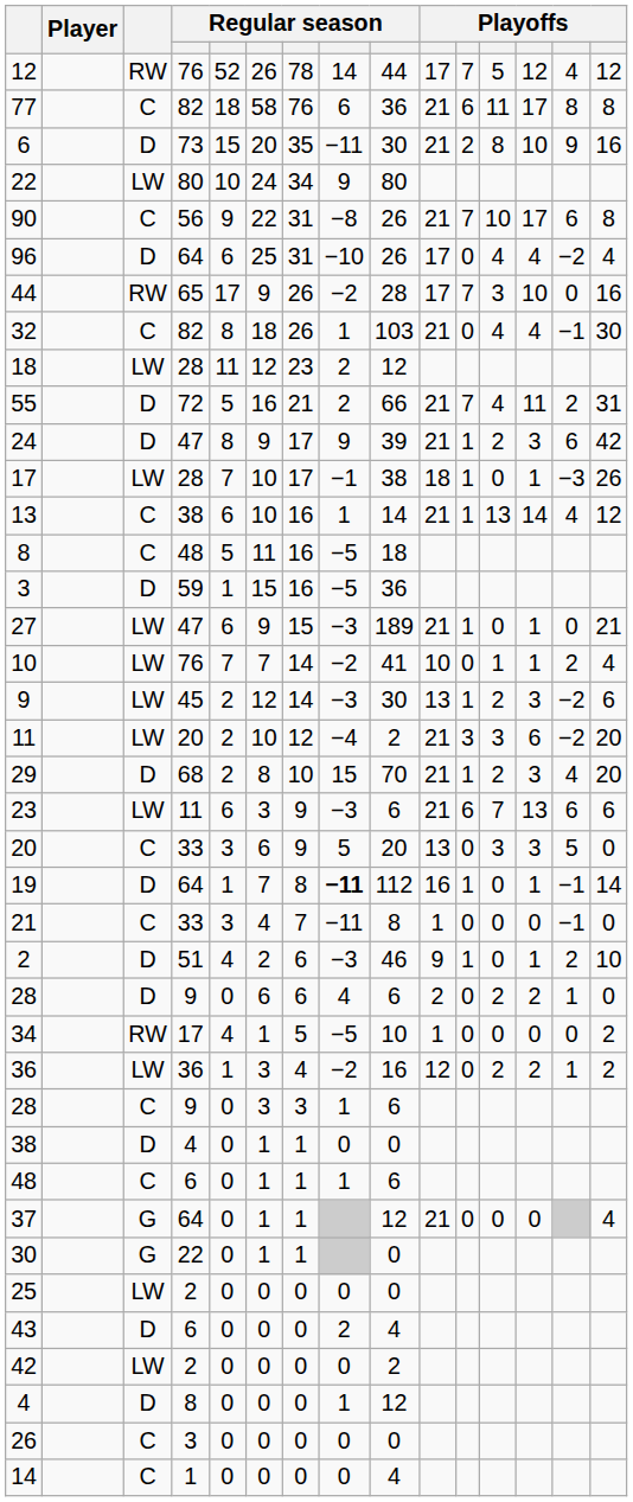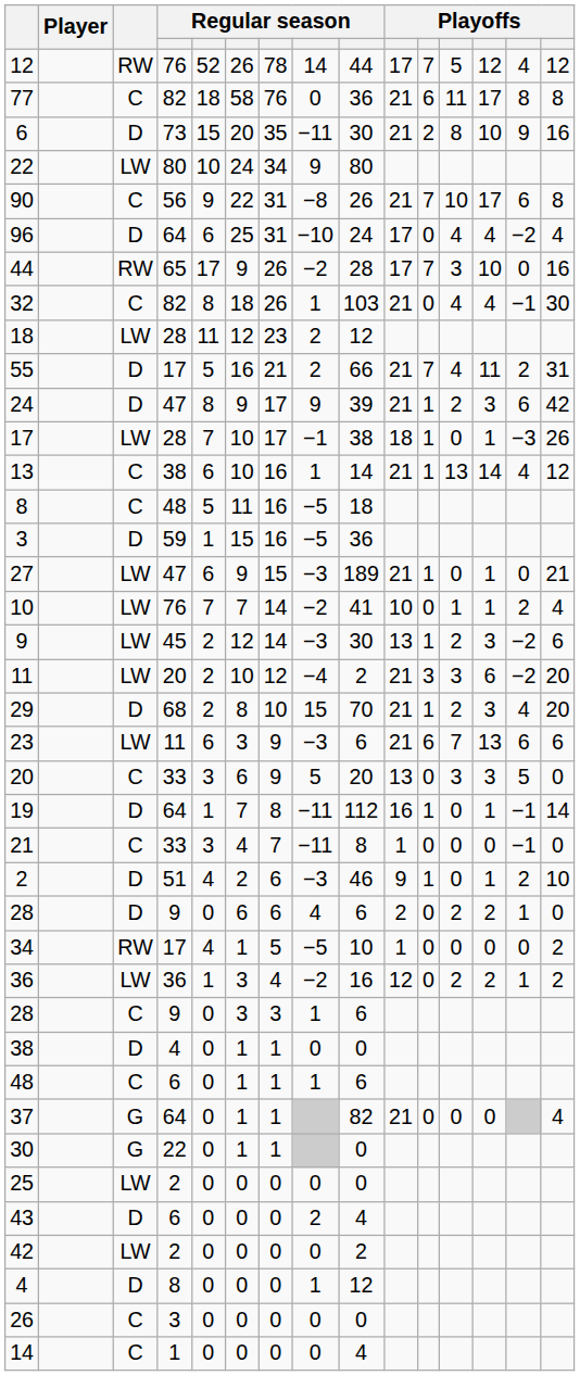 <table class="wikitable sortable plainrowheaders" style="text-align:center;">
 <tr>
 <th scope="col" data-sort-type="number" rowspan="2"></th>
 <th scope="col" rowspan="2">Player</th>
 <th scope="col" rowspan="2"></th>
 <th scope=colgroup colspan=6>Regular season</th>
 <th scope=colgroup colspan=6>Playoffs</th>
 </tr>
 <tr>
 <th scope="col" data-sort-type="number"></th>
 <th scope="col" data-sort-type="number"></th>
 <th scope="col" data-sort-type="number"></th>
 <th scope="col" data-sort-type="number"></th>
 <th scope="col" data-sort-type="number"></th>
 <th scope="col" data-sort-type="number"></th>
 <th scope="col" data-sort-type="number"></th>
 <th scope="col" data-sort-type="number"></th>
 <th scope="col" data-sort-type="number"></th>
 <th scope="col" data-sort-type="number"></th>
 <th scope="col" data-sort-type="number"></th>
 <th scope="col" data-sort-type="number"></th>
 </tr>
 <tr>
 <td scope="row">12</td>
 <td align="left"></td>
 <td>RW</td>
 <td>76</td>
 <td>52</td>
 <td>26</td>
 <td>78</td>
 <td>14</td>
 <td>44</td>
 <td>17</td>
 <td>7</td>
 <td>5</td>
 <td>12</td>
 <td>4</td>
 <td>12</td>
 </tr>
 <tr>
 <td scope="row">77</td>
 <td align="left"></td>
 <td>C</td>
 <td>82</td>
 <td>18</td>
 <td>58</td>
 <td>76</td>
-<td>6</td>
+<td>0</td>
 <td>36</td>
 <td>21</td>
 <td>6</td>
 <td>11</td>
 <td>17</td>
 <td>8</td>
 <td>8</td>
 </tr>
 <tr>
 <td scope="row">6</td>
 <td align="left"></td>
 <td>D</td>
 <td>73</td>
 <td>15</td>
 <td>20</td>
 <td>35</td>
 <td>−11</td>
 <td>30</td>
 <td>21</td>
 <td>2</td>
 <td>8</td>
 <td>10</td>
 <td>9</td>
 <td>16</td>
 </tr>
 <tr>
 <td scope="row">22</td>
 <td align="left"></td>
 <td>LW</td>
 <td>80</td>
 <td>10</td>
 <td>24</td>
 <td>34</td>
 <td>9</td>
 <td>80</td>
 <td></td>
 <td></td>
 <td></td>
 <td></td>
 <td></td>
 <td></td>
 </tr>
 <tr>
 <td scope="row">90</td>
 <td align="left"></td>
 <td>C</td>
 <td>56</td>
 <td>9</td>
 <td>22</td>
 <td>31</td>
 <td>−8</td>
 <td>26</td>
 <td>21</td>
 <td>7</td>
 <td>10</td>
 <td>17</td>
 <td>6</td>
 <td>8</td>
 </tr>
 <tr>
 <td scope="row">96</td>
 <td align="left"></td>
 <td>D</td>
 <td>64</td>
 <td>6</td>
 <td>25</td>
 <td>31</td>
 <td>−10</td>
-<td>26</td>
+<td>24</td>
 <td>17</td>
 <td>0</td>
 <td>4</td>
 <td>4</td>
 <td>−2</td>
 <td>4</td>
 </tr>
 <tr>
 <td scope="row">44</td>
 <td align="left"></td>
 <td>RW</td>
 <td>65</td>
 <td>17</td>
 <td>9</td>
 <td>26</td>
 <td>−2</td>
 <td>28</td>
 <td>17</td>
 <td>7</td>
 <td>3</td>
 <td>10</td>
 <td>0</td>
 <td>16</td>
 </tr>
 <tr>
 <td scope="row">32</td>
 <td align="left"></td>
 <td>C</td>
 <td>82</td>
 <td>8</td>
 <td>18</td>
 <td>26</td>
 <td>1</td>
 <td>103</td>
 <td>21</td>
 <td>0</td>
 <td>4</td>
 <td>4</td>
 <td>−1</td>
 <td>30</td>
 </tr>
 <tr>
 <td scope="row">18</td>
 <td align="left"></td>
 <td>LW</td>
 <td>28</td>
 <td>11</td>
 <td>12</td>
 <td>23</td>
 <td>2</td>
 <td>12</td>
 <td></td>
 <td></td>
 <td></td>
 <td></td>
 <td></td>
 <td></td>
 </tr>
 <tr>
 <td scope="row">55</td>
 <td align="left"></td>
 <td>D</td>
-<td>72</td>
+<td>17</td>
 <td>5</td>
 <td>16</td>
 <td>21</td>
 <td>2</td>
 <td>66</td>
 <td>21</td>
 <td>7</td>
 <td>4</td>
 <td>11</td>
 <td>2</td>
 <td>31</td>
 </tr>
 <tr>
 <td scope="row">24</td>
 <td align="left"></td>
 <td>D</td>
 <td>47</td>
 <td>8</td>
 <td>9</td>
 <td>17</td>
 <td>9</td>
 <td>39</td>
 <td>21</td>
 <td>1</td>
 <td>2</td>
 <td>3</td>
 <td>6</td>
 <td>42</td>
 </tr>
 <tr>
 <td scope="row">17</td>
 <td align="left"></td>
 <td>LW</td>
 <td>28</td>
 <td>7</td>
 <td>10</td>
 <td>17</td>
 <td>−1</td>
 <td>38</td>
 <td>18</td>
 <td>1</td>
 <td>0</td>
 <td>1</td>
 <td>−3</td>
 <td>26</td>
 </tr>
 <tr>
 <td scope="row">13</td>
 <td align="left"></td>
 <td>C</td>
 <td>38</td>
 <td>6</td>
 <td>10</td>
 <td>16</td>
 <td>1</td>
 <td>14</td>
 <td>21</td>
 <td>1</td>
 <td>13</td>
 <td>14</td>
 <td>4</td>
 <td>12</td>
 </tr>
 <tr>
 <td scope="row">8</td>
 <td align="left"></td>
 <td>C</td>
 <td>48</td>
 <td>5</td>
 <td>11</td>
 <td>16</td>
 <td>−5</td>
 <td>18</td>
 <td></td>
 <td></td>
 <td></td>
 <td></td>
 <td></td>
 <td></td>
 </tr>
 <tr>
 <td scope="row">3</td>
 <td align="left"></td>
 <td>D</td>
 <td>59</td>
 <td>1</td>
 <td>15</td>
 <td>16</td>
 <td>−5</td>
 <td>36</td>
 <td></td>
 <td></td>
 <td></td>
 <td></td>
 <td></td>
 <td></td>
 </tr>
 <tr>
 <td scope="row">27</td>
 <td align="left"></td>
 <td>LW</td>
 <td>47</td>
 <td>6</td>
 <td>9</td>
 <td>15</td>
 <td>−3</td>
 <td>189</td>
 <td>21</td>
 <td>1</td>
 <td>0</td>
 <td>1</td>
 <td>0</td>
 <td>21</td>
 </tr>
 <tr>
 <td scope="row">10</td>
 <td align="left"></td>
 <td>LW</td>
 <td>76</td>
 <td>7</td>
 <td>7</td>
 <td>14</td>
 <td>−2</td>
 <td>41</td>
 <td>10</td>
 <td>0</td>
 <td>1</td>
 <td>1</td>
 <td>2</td>
 <td>4</td>
 </tr>
 <tr>
 <td scope="row">9</td>
 <td align="left"></td>
 <td>LW</td>
 <td>45</td>
 <td>2</td>
 <td>12</td>
 <td>14</td>
 <td>−3</td>
 <td>30</td>
 <td>13</td>
 <td>1</td>
 <td>2</td>
 <td>3</td>
 <td>−2</td>
 <td>6</td>
 </tr>
 <tr>
 <td scope="row">11</td>
 <td align="left"></td>
 <td>LW</td>
 <td>20</td>
 <td>2</td>
 <td>10</td>
 <td>12</td>
 <td>−4</td>
 <td>2</td>
 <td>21</td>
 <td>3</td>
 <td>3</td>
 <td>6</td>
 <td>−2</td>
 <td>20</td>
 </tr>
 <tr>
 <td scope="row">29</td>
 <td align="left"></td>
 <td>D</td>
 <td>68</td>
 <td>2</td>
 <td>8</td>
 <td>10</td>
 <td>15</td>
 <td>70</td>
 <td>21</td>
 <td>1</td>
 <td>2</td>
 <td>3</td>
 <td>4</td>
 <td>20</td>
 </tr>
 <tr>
 <td scope="row">23</td>
 <td align="left"></td>
 <td>LW</td>
 <td>11</td>
 <td>6</td>
 <td>3</td>
 <td>9</td>
 <td>−3</td>
 <td>6</td>
 <td>21</td>
 <td>6</td>
 <td>7</td>
 <td>13</td>
 <td>6</td>
 <td>6</td>
 </tr>
 <tr>
 <td scope="row">20</td>
 <td align="left"></td>
 <td>C</td>
 <td>33</td>
 <td>3</td>
 <td>6</td>
 <td>9</td>
 <td>5</td>
 <td>20</td>
 <td>13</td>
 <td>0</td>
 <td>3</td>
 <td>3</td>
 <td>5</td>
 <td>0</td>
 </tr>
 <tr>
 <td scope="row">19</td>
 <td align="left"></td>
 <td>D</td>
 <td>64</td>
 <td>1</td>
 <td>7</td>
 <td>8</td>
-<td><strong>−11</strong></td>
+<td>−11</td>
 <td>112</td>
 <td>16</td>
 <td>1</td>
 <td>0</td>
 <td>1</td>
 <td>−1</td>
 <td>14</td>
 </tr>
 <tr>
 <td scope="row">21</td>
 <td align="left"></td>
 <td>C</td>
 <td>33</td>
 <td>3</td>
 <td>4</td>
 <td>7</td>
 <td>−11</td>
 <td>8</td>
 <td>1</td>
 <td>0</td>
 <td>0</td>
 <td>0</td>
 <td>−1</td>
 <td>0</td>
 </tr>
 <tr>
 <td scope="row">2</td>
 <td align="left"></td>
 <td>D</td>
 <td>51</td>
 <td>4</td>
 <td>2</td>
 <td>6</td>
 <td>−3</td>
 <td>46</td>
 <td>9</td>
 <td>1</td>
 <td>0</td>
 <td>1</td>
 <td>2</td>
 <td>10</td>
 </tr>
 <tr>
 <td scope="row">28</td>
 <td align="left"></td>
 <td>D</td>
 <td>9</td>
 <td>0</td>
 <td>6</td>
 <td>6</td>
 <td>4</td>
 <td>6</td>
 <td>2</td>
 <td>0</td>
 <td>2</td>
 <td>2</td>
 <td>1</td>
 <td>0</td>
 </tr>
 <tr>
 <td scope="row">34</td>
 <td align="left"></td>
 <td>RW</td>
 <td>17</td>
 <td>4</td>
 <td>1</td>
 <td>5</td>
 <td>−5</td>
 <td>10</td>
 <td>1</td>
 <td>0</td>
 <td>0</td>
 <td>0</td>
 <td>0</td>
 <td>2</td>
 </tr>
 <tr>
 <td scope="row">36</td>
 <td align="left"></td>
 <td>LW</td>
 <td>36</td>
 <td>1</td>
 <td>3</td>
 <td>4</td>
 <td>−2</td>
 <td>16</td>
 <td>12</td>
 <td>0</td>
 <td>2</td>
 <td>2</td>
 <td>1</td>
 <td>2</td>
 </tr>
 <tr>
 <td scope="row">28</td>
 <td align="left"></td>
 <td>C</td>
 <td>9</td>
 <td>0</td>
 <td>3</td>
 <td>3</td>
 <td>1</td>
 <td>6</td>
 <td></td>
 <td></td>
 <td></td>
 <td></td>
 <td></td>
 <td></td>
 </tr>
 <tr>
 <td scope="row">38</td>
 <td align="left"></td>
 <td>D</td>
 <td>4</td>
 <td>0</td>
 <td>1</td>
 <td>1</td>
 <td>0</td>
 <td>0</td>
 <td></td>
 <td></td>
 <td></td>
 <td></td>
 <td></td>
 <td></td>
 </tr>
 <tr>
 <td scope="row">48</td>
 <td align="left"></td>
 <td>C</td>
 <td>6</td>
 <td>0</td>
 <td>1</td>
 <td>1</td>
 <td>1</td>
 <td>6</td>
 <td></td>
 <td></td>
 <td></td>
 <td></td>
 <td></td>
 <td></td>
 </tr>
 <tr>
 <td scope="row">37</td>
 <td align="left"></td>
 <td>G</td>
 <td>64</td>
 <td>0</td>
 <td>1</td>
 <td>1</td>
 <td style="background:#ccc"></td>
-<td>12</td>
+<td>82</td>
 <td>21</td>
 <td>0</td>
 <td>0</td>
 <td>0</td>
 <td style="background:#ccc"></td>
 <td>4</td>
 </tr>
 <tr>
 <td scope="row">30</td>
 <td align="left"></td>
 <td>G</td>
 <td>22</td>
 <td>0</td>
 <td>1</td>
 <td>1</td>
 <td style="background:#ccc"></td>
 <td>0</td>
 <td></td>
 <td></td>
 <td></td>
 <td></td>
 <td></td>
 <td></td>
 </tr>
 <tr>
 <td scope="row">25</td>
 <td align="left"></td>
 <td>LW</td>
 <td>2</td>
 <td>0</td>
 <td>0</td>
 <td>0</td>
 <td>0</td>
 <td>0</td>
 <td></td>
 <td></td>
 <td></td>
 <td></td>
 <td></td>
 <td></td>
 </tr>
 <tr>
 <td scope="row">43</td>
 <td align="left"></td>
 <td>D</td>
 <td>6</td>
 <td>0</td>
 <td>0</td>
 <td>0</td>
 <td>2</td>
 <td>4</td>
 <td></td>
 <td></td>
 <td></td>
 <td></td>
 <td></td>
 <td></td>
 </tr>
 <tr>
 <td scope="row">42</td>
 <td align="left"></td>
 <td>LW</td>
 <td>2</td>
 <td>0</td>
 <td>0</td>
 <td>0</td>
 <td>0</td>
 <td>2</td>
 <td></td>
 <td></td>
 <td></td>
 <td></td>
 <td></td>
 <td></td>
 </tr>
 <tr>
 <td scope="row">4</td>
 <td align="left"></td>
 <td>D</td>
 <td>8</td>
 <td>0</td>
 <td>0</td>
 <td>0</td>
 <td>1</td>
 <td>12</td>
 <td></td>
 <td></td>
 <td></td>
 <td></td>
 <td></td>
 <td></td>
 </tr>
 <tr>
 <td scope="row">26</td>
 <td align="left"></td>
 <td>C</td>
 <td>3</td>
 <td>0</td>
 <td>0</td>
 <td>0</td>
 <td>0</td>
 <td>0</td>
 <td></td>
 <td></td>
 <td></td>
 <td></td>
 <td></td>
 <td></td>
 </tr>
 <tr>
 <td scope="row">14</td>
 <td align="left"></td>
 <td>C</td>
 <td>1</td>
 <td>0</td>
 <td>0</td>
 <td>0</td>
 <td>0</td>
 <td>4</td>
 <td></td>
 <td></td>
 <td></td>
 <td></td>
 <td></td>
 <td></td>
 </tr>
 </table>
